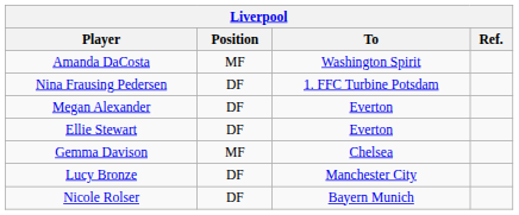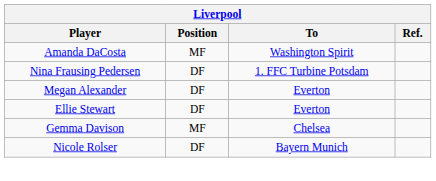 <table class="wikitable sortable collapsible collapsed" style="font-size:95%; text-align: center; width: 90%;">
 <tr>
 <th colspan="4"  style="with:100%; text-align:center;"><strong><a href='#'>Liverpool</a></strong></th>
 </tr>
 <tr>
 <th>Player</th>
 <th>Position</th>
 <th>To</th>
 <th>Ref.</th>
 </tr>
 <tr>
 <td> <a href='#'>Amanda DaCosta</a></td>
 <td>MF</td>
 <td><a href='#'>Washington Spirit</a></td>
 <td></td>
 </tr>
 <tr>
 <td> <a href='#'>Nina Frausing Pedersen</a></td>
 <td>DF</td>
 <td><a href='#'>1. FFC Turbine Potsdam</a></td>
 <td></td>
 </tr>
 <tr>
 <td> <a href='#'>Megan Alexander</a></td>
 <td>DF</td>
 <td><a href='#'>Everton</a></td>
 <td></td>
 </tr>
 <tr>
 <td> <a href='#'>Ellie Stewart</a></td>
 <td>DF</td>
 <td><a href='#'>Everton</a></td>
 <td></td>
 </tr>
 <tr>
 <td> <a href='#'>Gemma Davison</a></td>
 <td>MF</td>
 <td><a href='#'>Chelsea</a></td>
 <td></td>
 </tr>
 <tr>
-<td> <a href='#'>Lucy Bronze</a></td>
-<td>DF</td>
-<td><a href='#'>Manchester City</a></td>
-<td></td>
-</tr>
-<tr>
 <td> <a href='#'>Nicole Rolser</a></td>
 <td>DF</td>
 <td><a href='#'>Bayern Munich</a></td>
 <td></td>
 </tr>
 </table>
